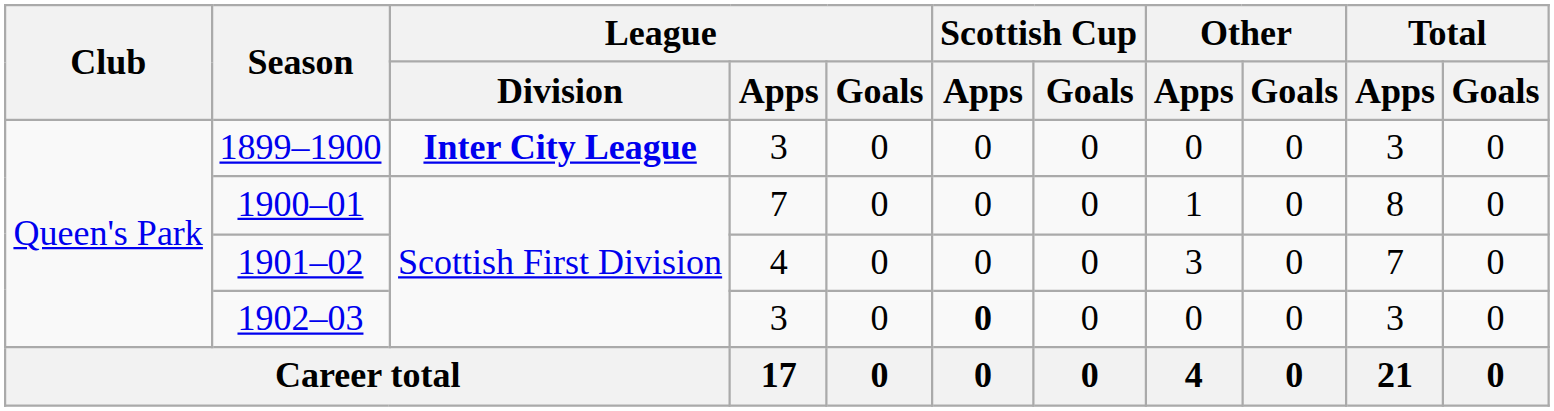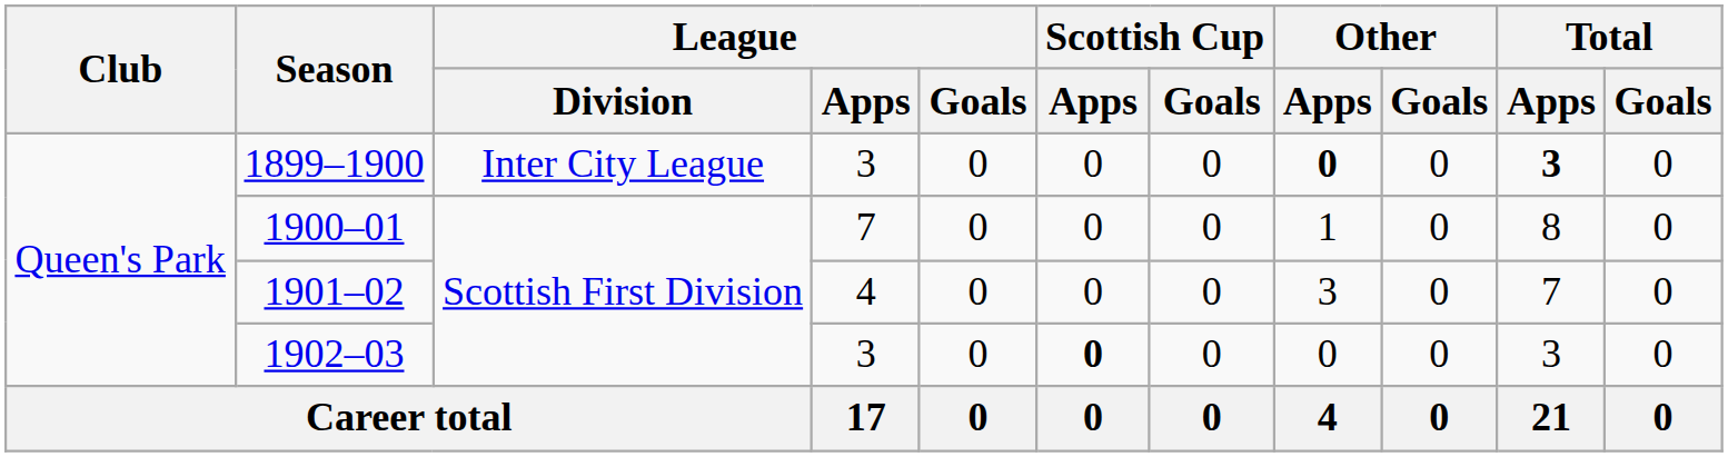 <table class="wikitable" style="text-align: center;">
 <tr>
 <th rowspan="2">Club</th>
 <th rowspan="2">Season</th>
 <th colspan="3">League</th>
 <th colspan="2">Scottish Cup</th>
 <th colspan="2">Other</th>
 <th colspan="2">Total</th>
 </tr>
 <tr>
 <th>Division</th>
 <th>Apps</th>
 <th>Goals</th>
 <th>Apps</th>
 <th>Goals</th>
 <th>Apps</th>
 <th>Goals</th>
 <th>Apps</th>
 <th>Goals</th>
 </tr>
 <tr>
 <td rowspan="4"><a href='#'>Queen's Park</a></td>
 <td><a href='#'>1899–1900</a></td>
-<td><strong><a href='#'>Inter City League</a></strong></td>
+<td><a href='#'>Inter City League</a></td>
 <td>3</td>
 <td>0</td>
 <td>0</td>
 <td>0</td>
+<td><strong>0</strong></td>
 <td>0</td>
-<td>0</td>
-<td>3</td>
+<td><strong>3</strong></td>
 <td>0</td>
 </tr>
 <tr>
 <td><a href='#'>1900–01</a></td>
 <td rowspan="3"><a href='#'>Scottish First Division</a></td>
 <td>7</td>
 <td>0</td>
 <td>0</td>
 <td>0</td>
 <td>1</td>
 <td>0</td>
 <td>8</td>
 <td>0</td>
 </tr>
 <tr>
 <td><a href='#'>1901–02</a></td>
 <td>4</td>
 <td>0</td>
 <td>0</td>
 <td>0</td>
 <td>3</td>
 <td>0</td>
 <td>7</td>
 <td>0</td>
 </tr>
 <tr>
 <td><a href='#'>1902–03</a></td>
 <td>3</td>
 <td>0</td>
 <td><strong>0</strong></td>
 <td>0</td>
 <td>0</td>
 <td>0</td>
 <td>3</td>
 <td>0</td>
 </tr>
 <tr>
 <th colspan="3">Career total</th>
 <th>17</th>
 <th>0</th>
 <th>0</th>
 <th>0</th>
 <th>4</th>
 <th>0</th>
 <th>21</th>
 <th>0</th>
 </tr>
 </table>
